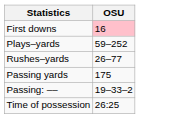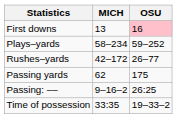 <table class="wikitable" style="float:left">
 <tr>
 <th>Statistics</th>
+<th>MICH</th>
 <th>OSU</th>
 </tr>
 <tr>
 <td>First downs</td>
+<td>13</td>
 <td style="background: pink;">16</td>
 </tr>
 <tr>
 <td>Plays–yards</td>
+<td>58–234</td>
 <td>59–252</td>
 </tr>
 <tr>
 <td>Rushes–yards</td>
+<td>42–172</td>
 <td>26–77</td>
 </tr>
 <tr>
 <td>Passing yards</td>
+<td>62</td>
 <td>175</td>
 </tr>
 <tr>
 <td>Passing: ––</td>
-<td>19–33–2</td>
+<td>9–16–2</td>
+<td>26:25</td>
 </tr>
 <tr>
 <td>Time of possession</td>
-<td>26:25</td>
+<td>33:35</td>
+<td>19–33–2</td>
 </tr>
 </table>
